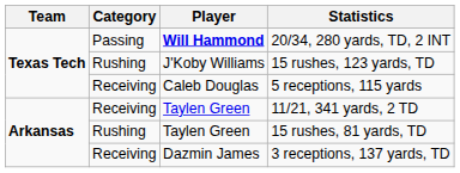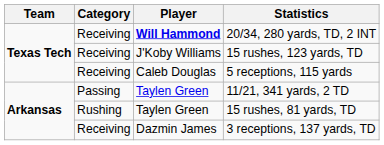 <table class="wikitable" style="float: right;">
 <tr>
 <th>Team</th>
 <th>Category</th>
 <th>Player</th>
 <th>Statistics</th>
 </tr>
 <tr>
 <td rowspan=3><strong>Texas Tech</strong></td>
-<td>Passing</td>
+<td>Receiving</td>
 <td><strong><a href='#'>Will Hammond</a></strong></td>
 <td>20/34, 280 yards, TD, 2 INT</td>
 </tr>
 <tr>
-<td>Rushing</td>
+<td>Receiving</td>
 <td>J'Koby Williams</td>
 <td>15 rushes, 123 yards, TD</td>
 </tr>
 <tr>
 <td>Receiving</td>
 <td>Caleb Douglas</td>
 <td>5 receptions, 115 yards</td>
 </tr>
 <tr>
 <td rowspan=3><strong>Arkansas</strong></td>
-<td>Receiving</td>
+<td>Passing</td>
 <td><a href='#'>Taylen Green</a></td>
 <td>11/21, 341 yards, 2 TD</td>
 </tr>
 <tr>
 <td>Rushing</td>
 <td>Taylen Green</td>
 <td>15 rushes, 81 yards, TD</td>
 </tr>
 <tr>
 <td>Receiving</td>
 <td>Dazmin James</td>
 <td>3 receptions, 137 yards, TD</td>
 </tr>
 </table>
